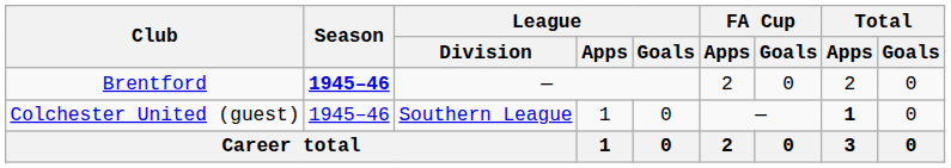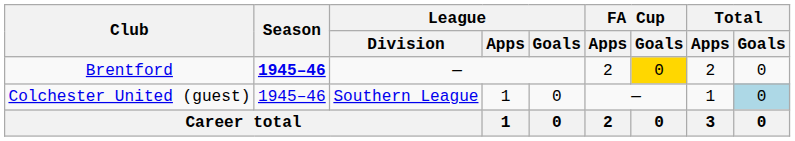 <table class="wikitable" style="text-align: center;">
 <tr>
 <th rowspan="2">Club</th>
 <th rowspan="2">Season</th>
 <th colspan="3">League</th>
 <th colspan="2">FA Cup</th>
 <th colspan="2">Total</th>
 </tr>
 <tr>
 <th>Division</th>
 <th>Apps</th>
 <th>Goals</th>
 <th>Apps</th>
 <th>Goals</th>
 <th>Apps</th>
 <th>Goals</th>
 </tr>
 <tr>
 <td><a href='#'>Brentford</a></td>
 <td><strong><a href='#'>1945–46</a></strong></td>
 <td colspan="3"><em>—</em></td>
 <td>2</td>
-<td>0</td>
+<td style="background: gold;">0</td>
 <td>2</td>
 <td>0</td>
 </tr>
 <tr>
 <td><a href='#'>Colchester United</a> (guest)</td>
 <td><a href='#'>1945–46</a></td>
 <td><a href='#'>Southern League</a></td>
 <td>1</td>
 <td>0</td>
 <td colspan="2"><em>—</em></td>
-<td><strong>1</strong></td>
-<td>0</td>
+<td>1</td>
+<td style="background: lightblue;">0</td>
 </tr>
 <tr>
 <th colspan="3">Career total</th>
 <th>1</th>
 <th>0</th>
 <th>2</th>
 <th>0</th>
 <th>3</th>
 <th>0</th>
 </tr>
 </table>
